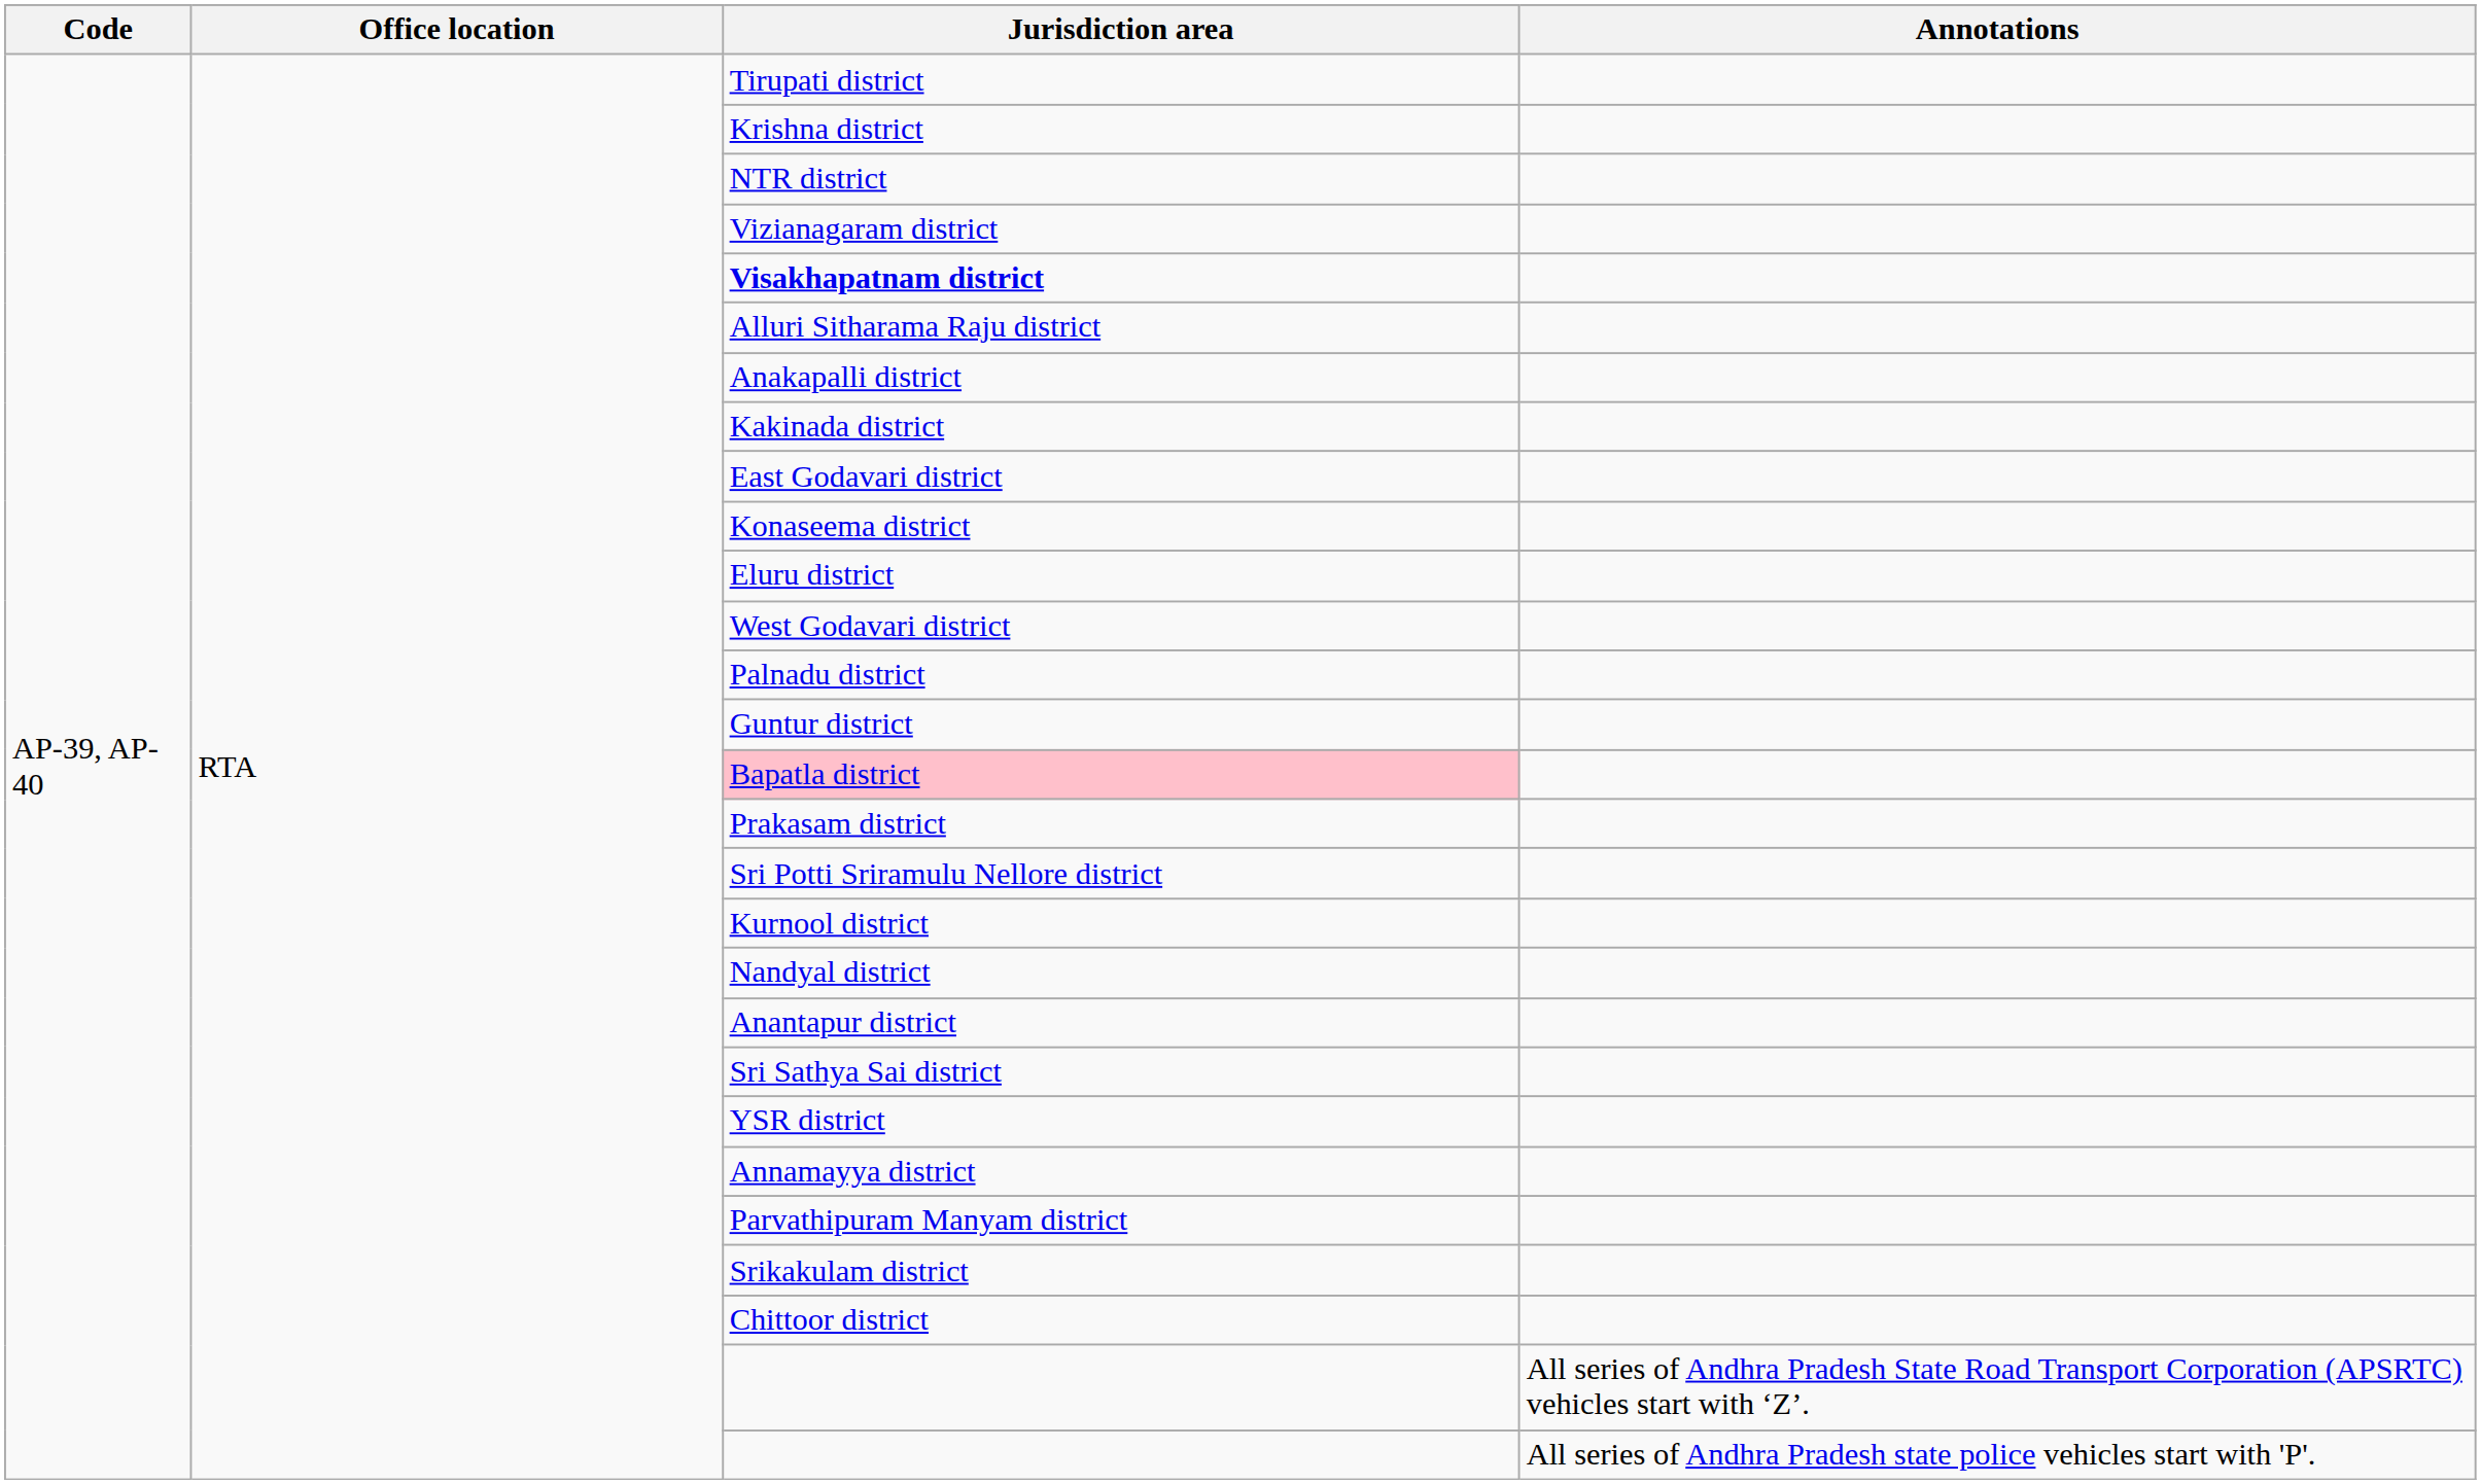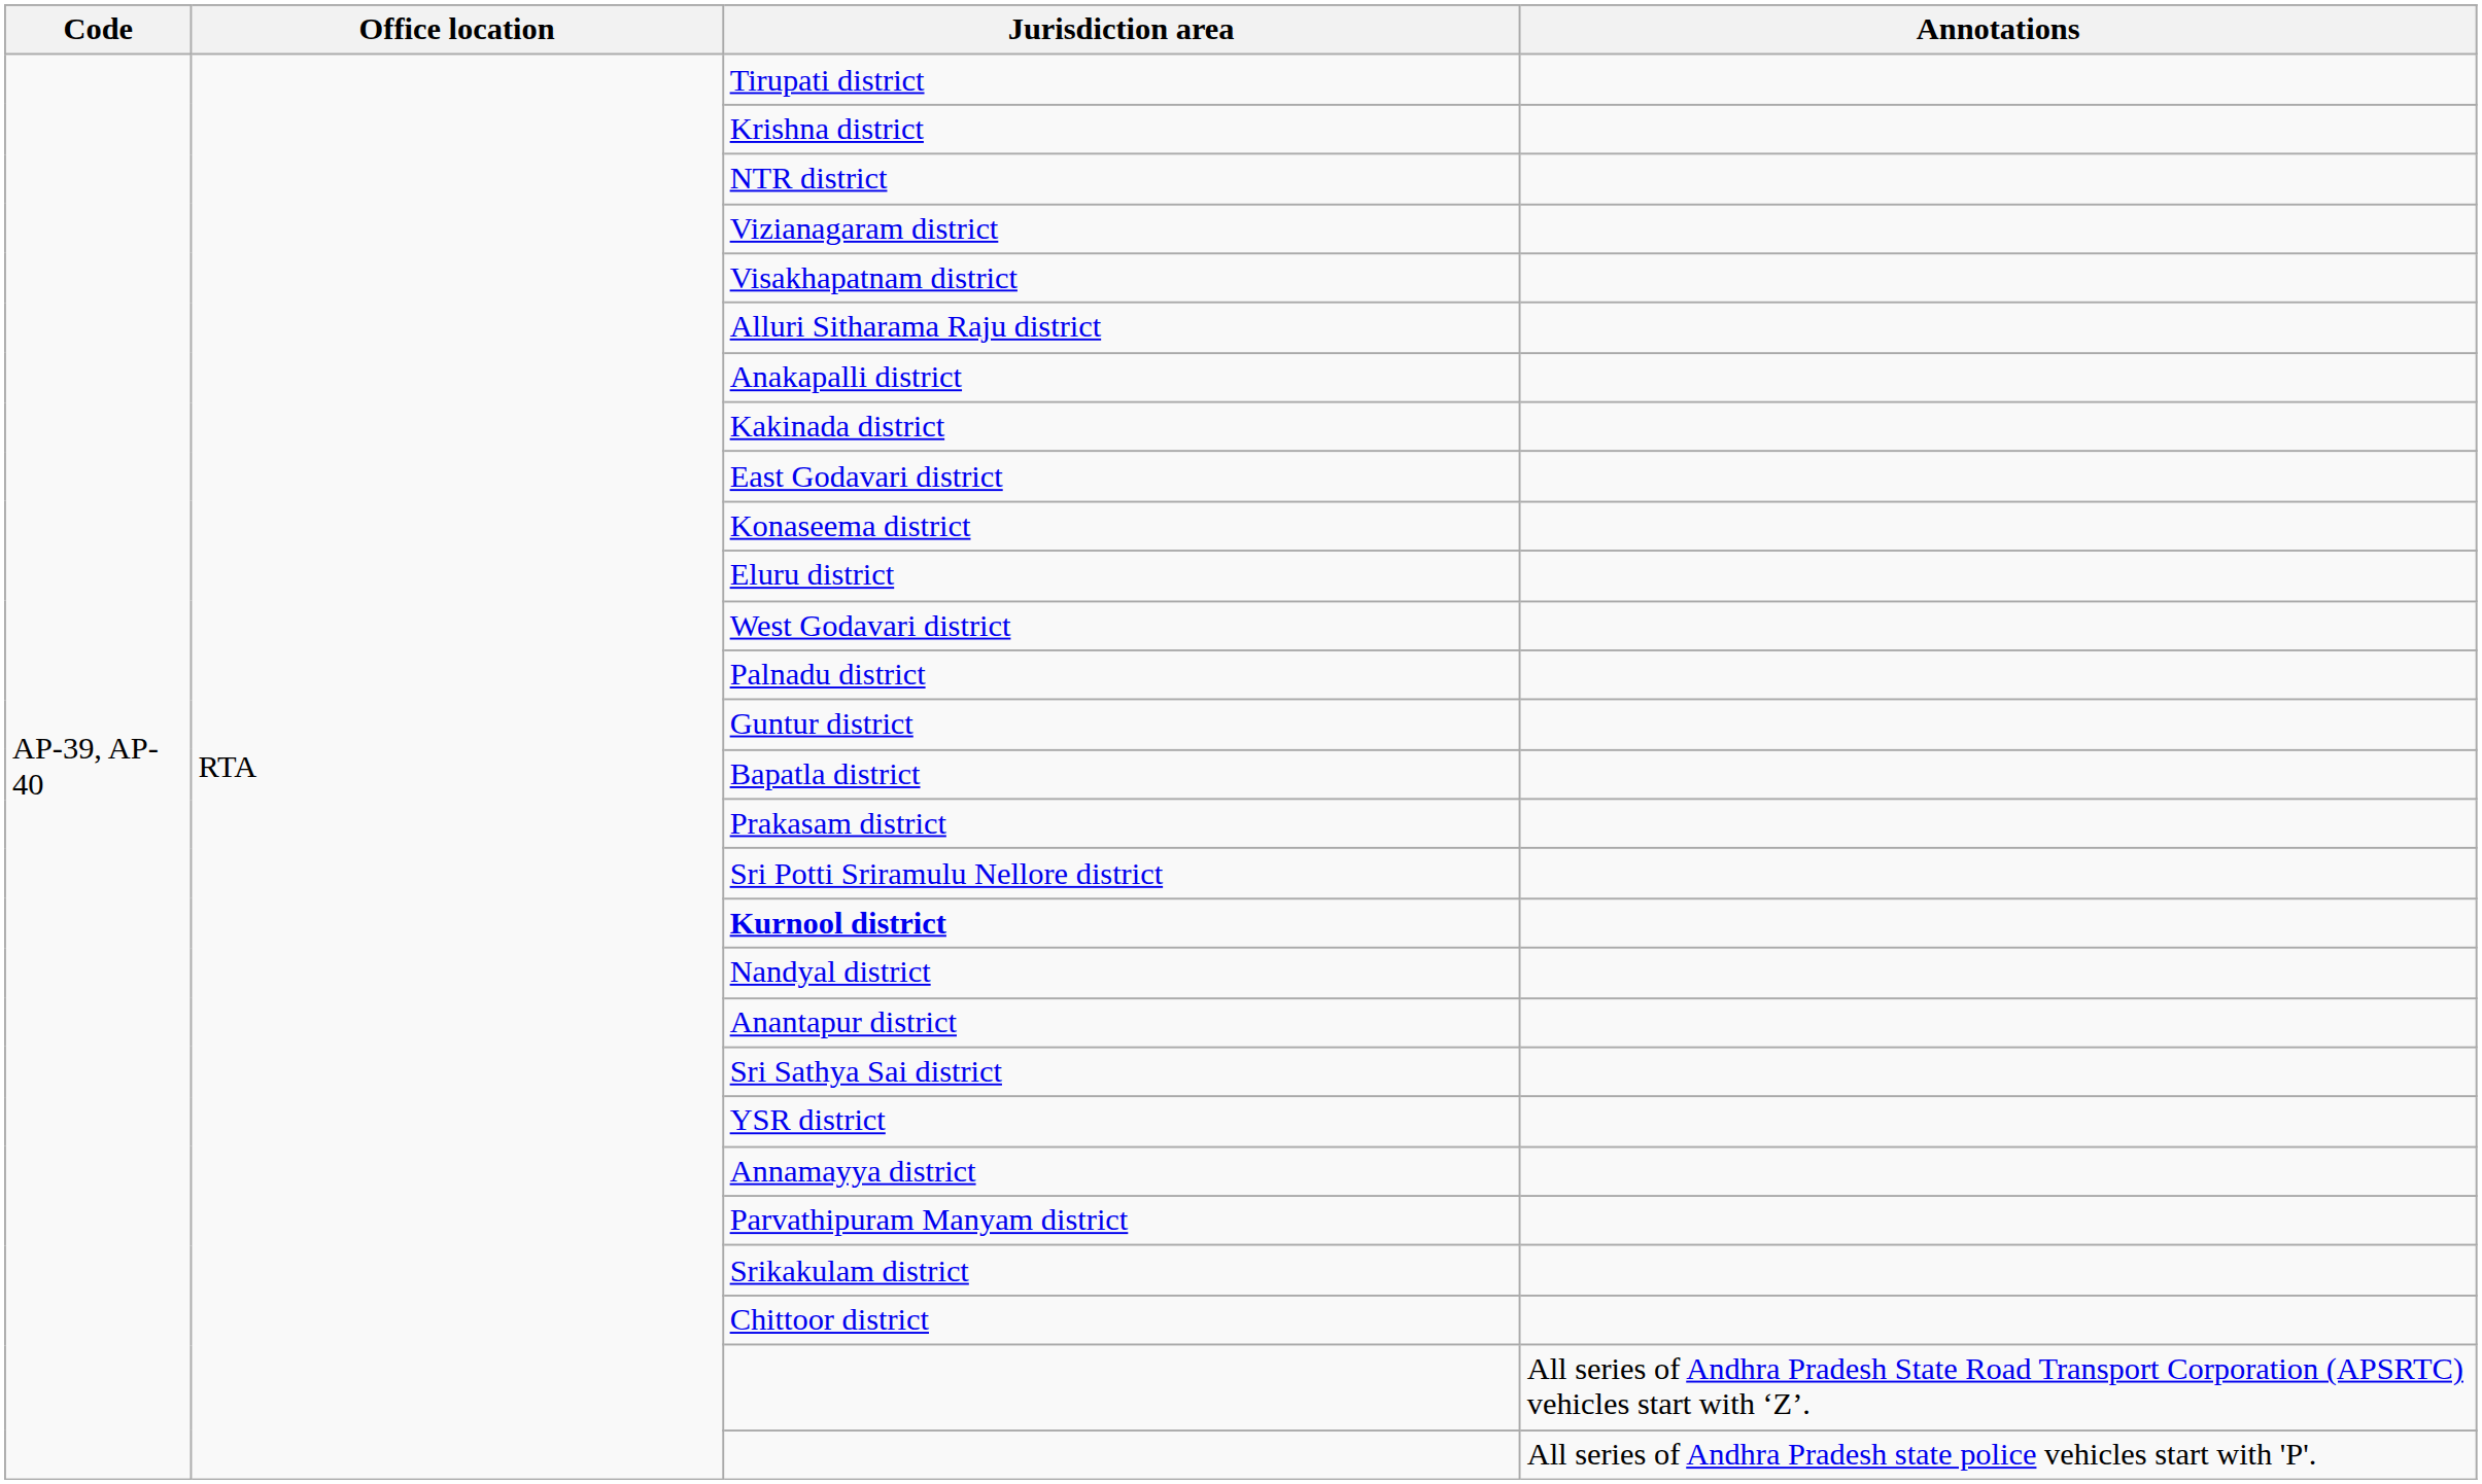 <table class="wikitable sortable" style="width:100%;" border="1" cellspacing="0" cellpadding="3">
 <tr>
 <th scope="col" style="width:7%">Code</th>
 <th scope="col" style="width:20%">Office location</th>
 <th scope="col" style="width:30%">Jurisdiction area</th>
 <th scope="col" style="width:36%" class="unsortable">Annotations</th>
 </tr>
 <tr AP 40>
 <td rowspan="28">AP-39, AP-40</td>
 <td rowspan="28">RTA</td>
 <td><a href='#'>Tirupati district</a></td>
 <td></td>
 </tr>
 <tr>
 <td><a href='#'>Krishna district</a></td>
 <td></td>
 </tr>
 <tr>
 <td><a href='#'>NTR district</a></td>
 <td></td>
 </tr>
 <tr>
 <td><a href='#'>Vizianagaram district</a></td>
 <td></td>
 </tr>
 <tr>
-<td><strong><a href='#'>Visakhapatnam district</a></strong></td>
+<td><a href='#'>Visakhapatnam district</a></td>
 <td></td>
 </tr>
 <tr>
 <td><a href='#'>Alluri Sitharama Raju district</a></td>
 <td></td>
 </tr>
 <tr>
 <td><a href='#'>Anakapalli district</a></td>
 <td></td>
 </tr>
 <tr>
 <td><a href='#'>Kakinada district</a></td>
 <td></td>
 </tr>
 <tr>
 <td><a href='#'>East Godavari district</a></td>
 <td></td>
 </tr>
 <tr>
 <td><a href='#'>Konaseema district</a></td>
 <td></td>
 </tr>
 <tr>
 <td><a href='#'>Eluru district</a></td>
 <td></td>
 </tr>
 <tr>
 <td><a href='#'>West Godavari district</a></td>
 <td></td>
 </tr>
 <tr>
 <td><a href='#'>Palnadu district</a></td>
 <td></td>
 </tr>
 <tr>
 <td><a href='#'>Guntur district</a></td>
 <td></td>
 </tr>
 <tr>
-<td style="background: pink;"><a href='#'>Bapatla district</a></td>
+<td><a href='#'>Bapatla district</a></td>
 <td></td>
 </tr>
 <tr>
 <td><a href='#'>Prakasam district</a></td>
 <td></td>
 </tr>
 <tr>
 <td><a href='#'>Sri Potti Sriramulu Nellore district</a></td>
 <td></td>
 </tr>
 <tr>
-<td><a href='#'>Kurnool district</a></td>
+<td><strong><a href='#'>Kurnool district</a></strong></td>
 <td></td>
 </tr>
 <tr>
 <td><a href='#'>Nandyal district</a></td>
 <td></td>
 </tr>
 <tr>
 <td><a href='#'>Anantapur district</a></td>
 <td></td>
 </tr>
 <tr>
 <td><a href='#'>Sri Sathya Sai district</a></td>
 <td></td>
 </tr>
 <tr>
 <td><a href='#'>YSR district</a></td>
 <td></td>
 </tr>
 <tr>
 <td><a href='#'>Annamayya district</a></td>
 <td></td>
 </tr>
 <tr>
 <td><a href='#'>Parvathipuram Manyam district</a></td>
 <td></td>
 </tr>
 <tr>
 <td><a href='#'>Srikakulam district</a></td>
 <td></td>
 </tr>
 <tr>
 <td><a href='#'>Chittoor district</a></td>
 <td></td>
 </tr>
 <tr>
 <td></td>
 <td>All series of <a href='#'>Andhra Pradesh State Road Transport Corporation (APSRTC)</a> vehicles start with ‘Z’.</td>
 </tr>
 <tr>
 <td></td>
 <td>All series of <a href='#'>Andhra Pradesh state police</a> vehicles start with 'P'.</td>
 </tr>
 </table>
